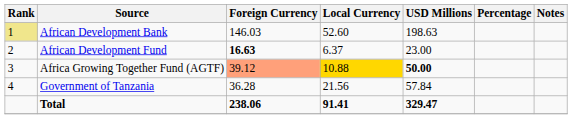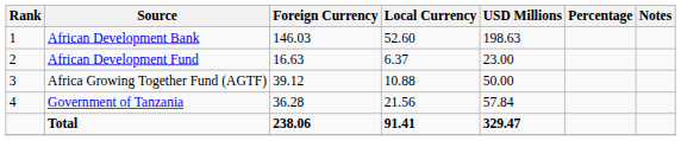 <table class="wikitable sortable" style="margin: 0.5em auto">
 <tr>
 <th>Rank</th>
 <th>Source</th>
 <th>Foreign Currency</th>
 <th>Local Currency</th>
 <th>USD Millions</th>
 <th>Percentage</th>
 <th>Notes</th>
 </tr>
 <tr>
-<td style="background: khaki;">1</td>
+<td>1</td>
 <td><a href='#'>African Development Bank</a></td>
 <td>146.03</td>
 <td>52.60</td>
 <td>198.63</td>
 <td></td>
 <td></td>
 </tr>
 <tr>
 <td>2</td>
 <td><a href='#'>African Development Fund</a></td>
-<td><strong>16.63</strong></td>
+<td>16.63</td>
 <td>6.37</td>
 <td>23.00</td>
 <td></td>
 <td></td>
 </tr>
 <tr>
 <td>3</td>
 <td>Africa Growing Together Fund (AGTF)</td>
-<td style="background: lightsalmon;">39.12</td>
-<td style="background: gold;">10.88</td>
-<td><strong>50.00</strong></td>
+<td>39.12</td>
+<td>10.88</td>
+<td>50.00</td>
 <td></td>
 <td></td>
 </tr>
 <tr>
 <td>4</td>
 <td><a href='#'>Government of Tanzania</a></td>
 <td>36.28</td>
 <td>21.56</td>
 <td>57.84</td>
 <td></td>
 <td></td>
 </tr>
 <tr>
 <td></td>
 <td><strong>Total</strong></td>
 <td><strong>238.06</strong></td>
 <td><strong>91.41</strong></td>
 <td><strong>329.47</strong></td>
 <td></td>
 <td></td>
 </tr>
 <tr>
 </tr>
 </table>
